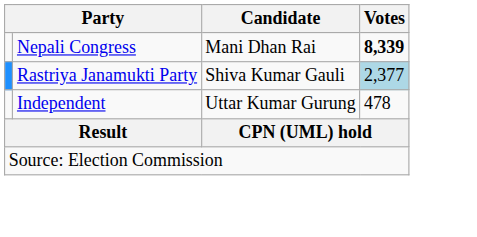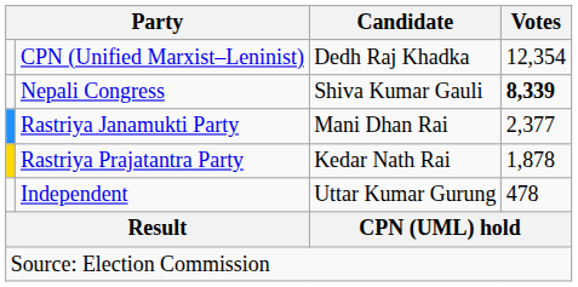 <table class="wikitable">
 <tr>
 <th colspan="2">Party</th>
 <th>Candidate</th>
 <th>Votes</th>
 </tr>
 <tr>
 <td style="background-color:"></td>
+<td><a href='#'>CPN (Unified Marxist–Leninist)</a></td>
+<td>Dedh Raj Khadka</td>
+<td>12,354</td>
+</tr>
+<tr>
+<td style="background-color:"></td>
 <td><a href='#'>Nepali Congress</a></td>
-<td>Mani Dhan Rai</td>
+<td>Shiva Kumar Gauli</td>
 <td><strong>8,339</strong></td>
 </tr>
 <tr>
 <td style="background-color:dodgerblue"></td>
 <td><a href='#'>Rastriya Janamukti Party</a></td>
-<td>Shiva Kumar Gauli</td>
-<td style="background: lightblue;">2,377</td>
+<td>Mani Dhan Rai</td>
+<td>2,377</td>
+</tr>
+<tr>
+<td style="background-color:gold"></td>
+<td><a href='#'>Rastriya Prajatantra Party</a></td>
+<td>Kedar Nath Rai</td>
+<td>1,878</td>
 </tr>
 <tr>
 <td></td>
 <td><a href='#'>Independent</a></td>
 <td>Uttar Kumar Gurung</td>
 <td>478</td>
 </tr>
 <tr>
 <th colspan="2">Result</th>
 <th colspan="2">CPN (UML) hold</th>
 </tr>
 <tr>
 <td colspan="4">Source: Election Commission</td>
 </tr>
 </table>
